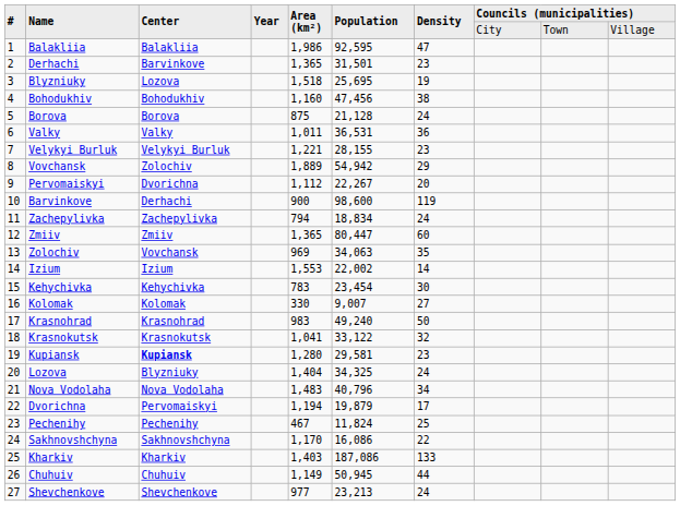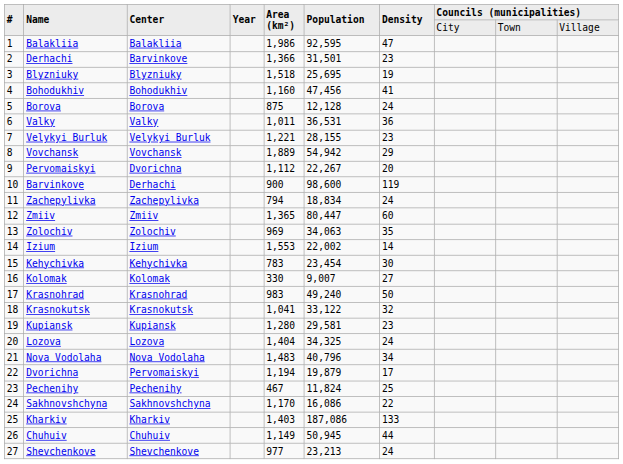 <table class="wikitable">
 <tr bgcolor="#ECECEC">
 <td rowspan=2><strong>#</strong></td>
 <td rowspan=2><strong>Name</strong></td>
 <td rowspan=2><strong>Center</strong></td>
 <td rowspan=2><strong>Year</strong></td>
 <td rowspan=2><strong>Area<br>(km²)</strong></td>
 <td rowspan=2><strong>Population</strong></td>
 <td rowspan=2><strong>Density</strong></td>
 <td colspan=3><strong>Councils (municipalities)</strong></td>
 </tr>
 <tr bgcolor="#ECECEC">
 <td width=10%>City</td>
 <td width=10%>Town</td>
 <td width=10%>Village</td>
 </tr>
 <tr>
 <td>1</td>
 <td><a href='#'>Balakliia</a></td>
 <td><a href='#'>Balakliia</a></td>
 <td></td>
 <td>1,986</td>
 <td>92,595</td>
 <td>47</td>
 <td></td>
 <td></td>
 <td></td>
 </tr>
 <tr>
 <td>2</td>
 <td><a href='#'>Derhachi</a></td>
 <td><a href='#'>Barvinkove</a></td>
 <td></td>
-<td>1,365</td>
+<td>1,366</td>
 <td>31,501</td>
 <td>23</td>
 <td></td>
 <td></td>
 <td></td>
 </tr>
 <tr>
 <td>3</td>
 <td><a href='#'>Blyzniuky</a></td>
-<td><a href='#'>Lozova</a></td>
+<td><a href='#'>Blyzniuky</a></td>
 <td></td>
 <td>1,518</td>
 <td>25,695</td>
 <td>19</td>
 <td></td>
 <td></td>
 <td></td>
 </tr>
 <tr>
 <td>4</td>
 <td><a href='#'>Bohodukhiv</a></td>
 <td><a href='#'>Bohodukhiv</a></td>
 <td></td>
 <td>1,160</td>
 <td>47,456</td>
-<td>38</td>
+<td>41</td>
 <td></td>
 <td></td>
 <td></td>
 </tr>
 <tr>
 <td>5</td>
 <td><a href='#'>Borova</a></td>
 <td><a href='#'>Borova</a></td>
 <td></td>
 <td>875</td>
-<td>21,128</td>
+<td>12,128</td>
 <td>24</td>
 <td></td>
 <td></td>
 <td></td>
 </tr>
 <tr>
 <td>6</td>
 <td><a href='#'>Valky</a></td>
 <td><a href='#'>Valky</a></td>
 <td></td>
 <td>1,011</td>
 <td>36,531</td>
 <td>36</td>
 <td></td>
 <td></td>
 <td></td>
 </tr>
 <tr>
 <td>7</td>
 <td><a href='#'>Velykyi Burluk</a></td>
 <td><a href='#'>Velykyi Burluk</a></td>
 <td></td>
 <td>1,221</td>
 <td>28,155</td>
 <td>23</td>
 <td></td>
 <td></td>
 <td></td>
 </tr>
 <tr>
 <td>8</td>
 <td><a href='#'>Vovchansk</a></td>
-<td><a href='#'>Zolochiv</a></td>
+<td><a href='#'>Vovchansk</a></td>
 <td></td>
 <td>1,889</td>
 <td>54,942</td>
 <td>29</td>
 <td></td>
 <td></td>
 <td></td>
 </tr>
 <tr>
 <td>9</td>
 <td><a href='#'>Pervomaiskyi</a></td>
 <td><a href='#'>Dvorichna</a></td>
 <td></td>
 <td>1,112</td>
 <td>22,267</td>
 <td>20</td>
 <td></td>
 <td></td>
 <td></td>
 </tr>
 <tr>
 <td>10</td>
 <td><a href='#'>Barvinkove</a></td>
 <td><a href='#'>Derhachi</a></td>
 <td></td>
 <td>900</td>
 <td>98,600</td>
 <td>119</td>
 <td></td>
 <td></td>
 <td></td>
 </tr>
 <tr>
 <td>11</td>
 <td><a href='#'>Zachepylivka</a></td>
 <td><a href='#'>Zachepylivka</a></td>
 <td></td>
 <td>794</td>
 <td>18,834</td>
 <td>24</td>
 <td></td>
 <td></td>
 <td></td>
 </tr>
 <tr>
 <td>12</td>
 <td><a href='#'>Zmiiv</a></td>
 <td><a href='#'>Zmiiv</a></td>
 <td></td>
 <td>1,365</td>
 <td>80,447</td>
 <td>60</td>
 <td></td>
 <td></td>
 <td></td>
 </tr>
 <tr>
 <td>13</td>
 <td><a href='#'>Zolochiv</a></td>
-<td><a href='#'>Vovchansk</a></td>
+<td><a href='#'>Zolochiv</a></td>
 <td></td>
 <td>969</td>
 <td>34,063</td>
 <td>35</td>
 <td></td>
 <td></td>
 <td></td>
 </tr>
 <tr>
 <td>14</td>
 <td><a href='#'>Izium</a></td>
 <td><a href='#'>Izium</a></td>
 <td></td>
 <td>1,553</td>
 <td>22,002</td>
 <td>14</td>
 <td></td>
 <td></td>
 <td></td>
 </tr>
 <tr>
 <td>15</td>
 <td><a href='#'>Kehychivka</a></td>
 <td><a href='#'>Kehychivka</a></td>
 <td></td>
 <td>783</td>
 <td>23,454</td>
 <td>30</td>
 <td></td>
 <td></td>
 <td></td>
 </tr>
 <tr>
 <td>16</td>
 <td><a href='#'>Kolomak</a></td>
 <td><a href='#'>Kolomak</a></td>
 <td></td>
 <td>330</td>
 <td>9,007</td>
 <td>27</td>
 <td></td>
 <td></td>
 <td></td>
 </tr>
 <tr>
 <td>17</td>
 <td><a href='#'>Krasnohrad</a></td>
 <td><a href='#'>Krasnohrad</a></td>
 <td></td>
 <td>983</td>
 <td>49,240</td>
 <td>50</td>
 <td></td>
 <td></td>
 <td></td>
 </tr>
 <tr>
 <td>18</td>
 <td><a href='#'>Krasnokutsk</a></td>
 <td><a href='#'>Krasnokutsk</a></td>
 <td></td>
 <td>1,041</td>
 <td>33,122</td>
 <td>32</td>
 <td></td>
 <td></td>
 <td></td>
 </tr>
 <tr>
 <td>19</td>
 <td><a href='#'>Kupiansk</a></td>
-<td><strong><a href='#'>Kupiansk</a></strong></td>
+<td><a href='#'>Kupiansk</a></td>
 <td></td>
 <td>1,280</td>
 <td>29,581</td>
 <td>23</td>
 <td></td>
 <td></td>
 <td></td>
 </tr>
 <tr>
 <td>20</td>
 <td><a href='#'>Lozova</a></td>
-<td><a href='#'>Blyzniuky</a></td>
+<td><a href='#'>Lozova</a></td>
 <td></td>
 <td>1,404</td>
 <td>34,325</td>
 <td>24</td>
 <td></td>
 <td></td>
 <td></td>
 </tr>
 <tr>
 <td>21</td>
 <td><a href='#'>Nova Vodolaha</a></td>
 <td><a href='#'>Nova Vodolaha</a></td>
 <td></td>
 <td>1,483</td>
 <td>40,796</td>
 <td>34</td>
 <td></td>
 <td></td>
 <td></td>
 </tr>
 <tr>
 <td>22</td>
 <td><a href='#'>Dvorichna</a></td>
 <td><a href='#'>Pervomaiskyi</a></td>
 <td></td>
 <td>1,194</td>
 <td>19,879</td>
 <td>17</td>
 <td></td>
 <td></td>
 <td></td>
 </tr>
 <tr>
 <td>23</td>
 <td><a href='#'>Pechenihy</a></td>
 <td><a href='#'>Pechenihy</a></td>
 <td></td>
 <td>467</td>
 <td>11,824</td>
 <td>25</td>
 <td></td>
 <td></td>
 <td></td>
 </tr>
 <tr>
 <td>24</td>
 <td><a href='#'>Sakhnovshchyna</a></td>
 <td><a href='#'>Sakhnovshchyna</a></td>
 <td></td>
 <td>1,170</td>
 <td>16,086</td>
 <td>22</td>
 <td></td>
 <td></td>
 <td></td>
 </tr>
 <tr>
 <td>25</td>
 <td><a href='#'>Kharkiv</a></td>
 <td><a href='#'>Kharkiv</a></td>
 <td></td>
 <td>1,403</td>
 <td>187,086</td>
 <td>133</td>
 <td></td>
 <td></td>
 <td></td>
 </tr>
 <tr>
 <td>26</td>
 <td><a href='#'>Chuhuiv</a></td>
 <td><a href='#'>Chuhuiv</a></td>
 <td></td>
 <td>1,149</td>
 <td>50,945</td>
 <td>44</td>
 <td></td>
 <td></td>
 <td></td>
 </tr>
 <tr>
 <td>27</td>
 <td><a href='#'>Shevchenkove</a></td>
 <td><a href='#'>Shevchenkove</a></td>
 <td></td>
 <td>977</td>
 <td>23,213</td>
 <td>24</td>
 <td></td>
 <td></td>
 <td></td>
 </tr>
 </table>
